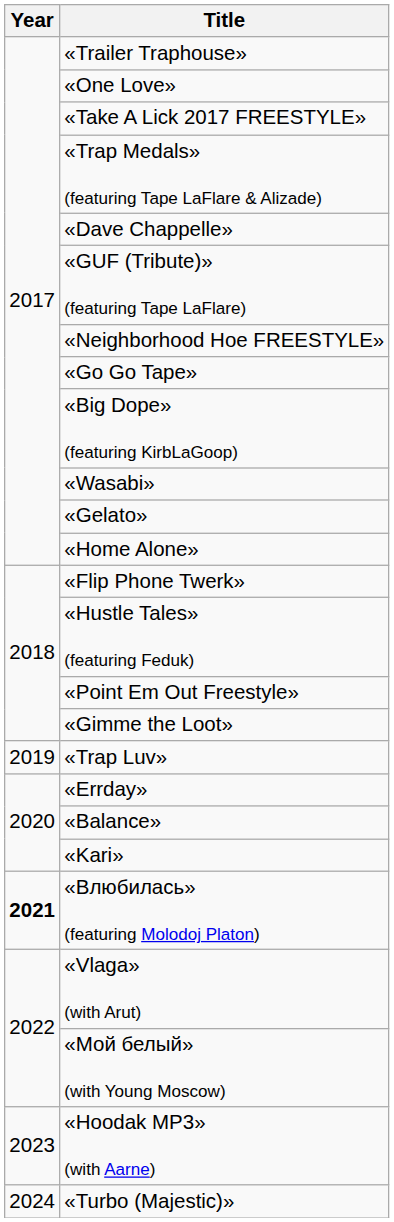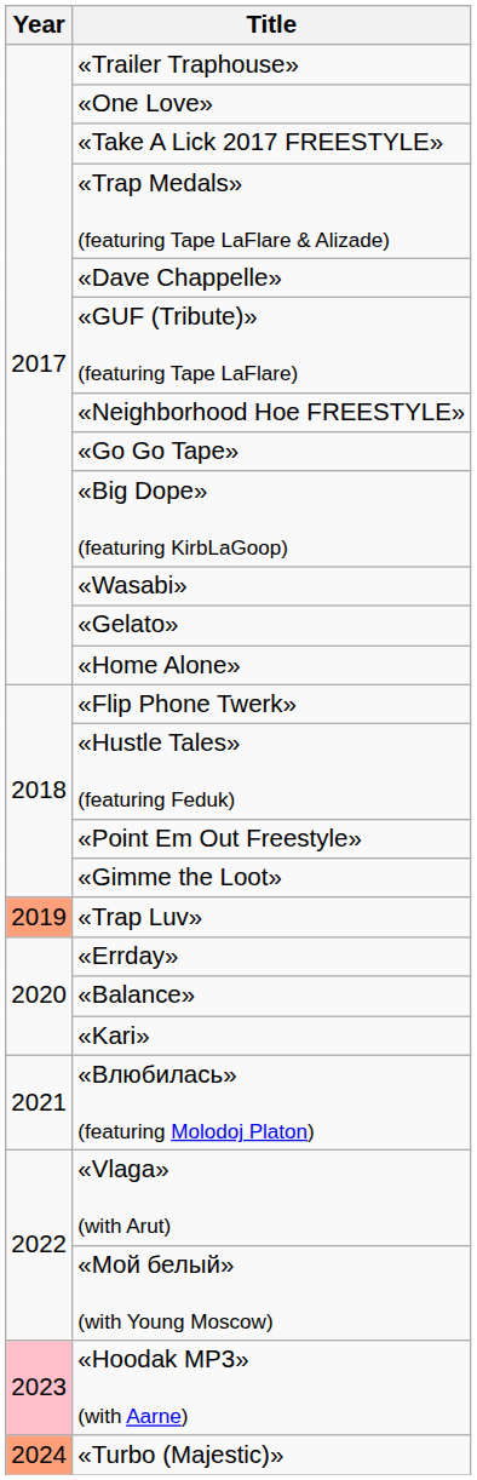 <table class="wikitable">
 <tr>
 <th>Year</th>
 <th>Title</th>
 </tr>
 <tr>
 <td rowspan="12">2017</td>
 <td>«Trailer Traphouse»</td>
 </tr>
 <tr>
 <td>«One Love»</td>
 </tr>
 <tr>
 <td>«Take A Lick 2017 FREESTYLE»</td>
 </tr>
 <tr>
 <td>«Trap Medals»<br><br><small>(featuring Tape LaFlare & Alizade)</small></td>
 </tr>
 <tr>
 <td>«Dave Chappelle»</td>
 </tr>
 <tr>
 <td>«GUF (Tribute)»<br><br><small>(featuring Tape LaFlare)</small></td>
 </tr>
 <tr>
 <td>«Neighborhood Hoe FREESTYLE»</td>
 </tr>
 <tr>
 <td>«Go Go Tape»</td>
 </tr>
 <tr>
 <td>«Big Dope»<br><br><small>(featuring KirbLaGoop)</small></td>
 </tr>
 <tr>
 <td>«Wasabi»</td>
 </tr>
 <tr>
 <td>«Gelato»</td>
 </tr>
 <tr>
 <td>«Home Alone»</td>
 </tr>
 <tr>
 <td rowspan="4">2018</td>
 <td>«Flip Phone Twerk»</td>
 </tr>
 <tr>
 <td>«Hustle Tales»<br><br><small>(featuring Feduk)</small></td>
 </tr>
 <tr>
 <td>«Point Em Out Freestyle»</td>
 </tr>
 <tr>
 <td>«Gimme the Loot»</td>
 </tr>
 <tr>
-<td>2019</td>
+<td style="background: lightsalmon;">2019</td>
 <td>«Trap Luv»</td>
 </tr>
 <tr>
 <td rowspan="3">2020</td>
 <td>«Errday»</td>
 </tr>
 <tr>
 <td>«Balance»</td>
 </tr>
 <tr>
 <td>«Kari»</td>
 </tr>
 <tr>
-<td><strong>2021</strong></td>
+<td>2021</td>
 <td>«Влюбилась»<br><br><small>(featuring <a href='#'>Molodoj Platon</a>)</small></td>
 </tr>
 <tr>
 <td rowspan="2">2022</td>
 <td>«Vlaga»<br><br><small>(with Arut)</small></td>
 </tr>
 <tr>
 <td>«Мой белый»<br><br><small>(with Young Moscow)</small></td>
 </tr>
 <tr>
-<td>2023</td>
+<td style="background: pink;">2023</td>
 <td>«Hoodak MP3»<br><br><small>(with <a href='#'>Aarne</a>)</small></td>
 </tr>
 <tr>
-<td>2024</td>
+<td style="background: lightsalmon;">2024</td>
 <td>«Turbo (Majestic)»</td>
 </tr>
 </table>
